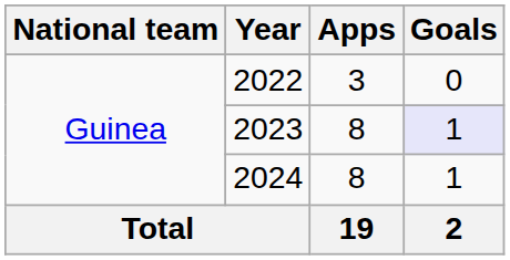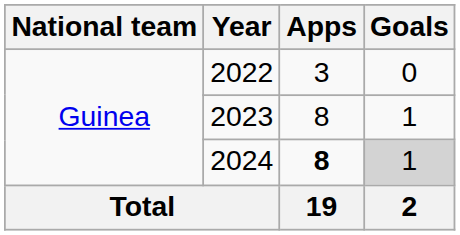 <table class="wikitable" style="text-align:center">
 <tr>
 <th>National team</th>
 <th>Year</th>
 <th>Apps</th>
 <th>Goals</th>
 </tr>
 <tr>
 <td rowspan="3"><a href='#'>Guinea</a></td>
 <td>2022</td>
 <td>3</td>
 <td>0</td>
 </tr>
 <tr>
 <td>2023</td>
 <td>8</td>
-<td style="background: lavender;">1</td>
+<td>1</td>
 </tr>
 <tr>
 <td>2024</td>
-<td>8</td>
-<td>1</td>
+<td><strong>8</strong></td>
+<td style="background: lightgrey;">1</td>
 </tr>
 <tr>
 <th colspan="2">Total</th>
 <th>19</th>
 <th>2</th>
 </tr>
 </table>
